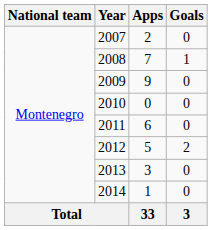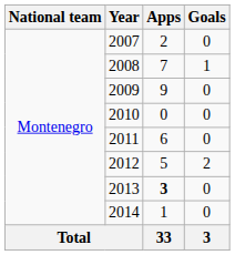 <table class="wikitable" style="text-align:center">
 <tr>
 <th>National team</th>
 <th>Year</th>
 <th>Apps</th>
 <th>Goals</th>
 </tr>
 <tr>
 <td rowspan="8" style="vertical-align:center"><a href='#'>Montenegro</a></td>
 <td>2007</td>
 <td>2</td>
 <td>0</td>
 </tr>
 <tr>
 <td>2008</td>
 <td>7</td>
 <td>1</td>
 </tr>
 <tr>
 <td>2009</td>
 <td>9</td>
 <td>0</td>
 </tr>
 <tr>
 <td>2010</td>
 <td>0</td>
 <td>0</td>
 </tr>
 <tr>
 <td>2011</td>
 <td>6</td>
 <td>0</td>
 </tr>
 <tr>
 <td>2012</td>
 <td>5</td>
 <td>2</td>
 </tr>
 <tr>
 <td>2013</td>
-<td>3</td>
+<td><strong>3</strong></td>
 <td>0</td>
 </tr>
 <tr>
 <td>2014</td>
 <td>1</td>
 <td>0</td>
 </tr>
 <tr>
 <th colspan="2">Total</th>
 <th>33</th>
 <th>3</th>
 </tr>
 </table>
